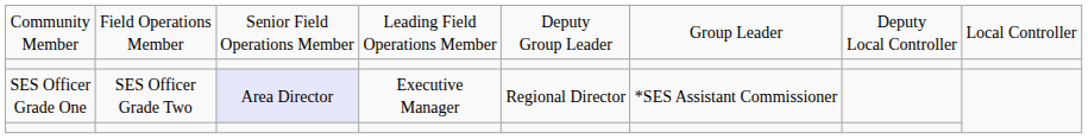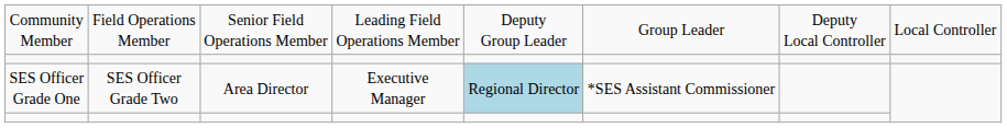 <table class="wikitable" style="text-align:center">
 <tr>
 <td><small>Community<br> Member</small></td>
 <td><small>Field Operations<br> Member</small></td>
 <td><small>Senior Field<br> Operations Member</small></td>
 <td><small>Leading Field<br> Operations Member</small></td>
 <td><small>Deputy<br>Group Leader</small></td>
 <td><small>Group Leader</small></td>
 <td><small>Deputy<br> Local Controller</small></td>
 <td><small>Local Controller</small></td>
 </tr>
 <tr>
 <td></td>
 <td></td>
 <td></td>
 <td></td>
 <td></td>
 <td></td>
 <td></td>
 <td></td>
 </tr>
 <tr>
 <td><small>SES Officer<br> Grade One</small></td>
 <td><small>SES Officer<br> Grade Two</small></td>
-<td style="background: lavender;"><small>Area Director</small></td>
+<td><small>Area Director</small></td>
 <td><small>Executive<br> Manager</small></td>
-<td><small>Regional Director</small></td>
+<td style="background: lightblue;"><small>Regional Director</small></td>
 <td><small>*SES Assistant Commissioner</small></td>
 <td></td>
 </tr>
 <tr>
 <td></td>
 <td></td>
 <td></td>
 <td></td>
 <td></td>
 <td></td>
 <td></td>
 </tr>
 </table>
